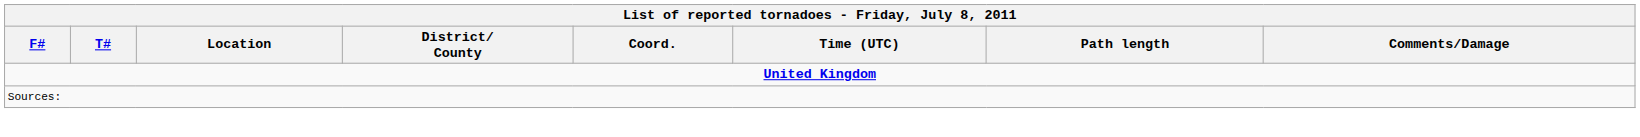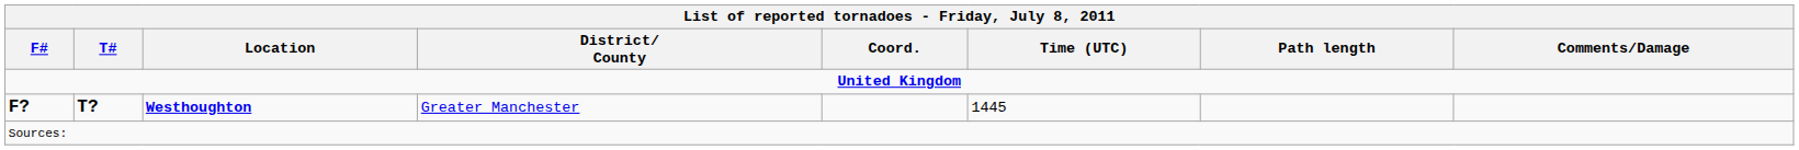 <table class="wikitable collapsible" width="100%">
 <tr>
 <th colspan="8">List of reported tornadoes - Friday, July 8, 2011</th>
 </tr>
 <tr>
 <th><a href='#'>F#</a></th>
 <th><a href='#'>T#</a></th>
 <th>Location</th>
 <th>District/<br>County</th>
 <th>Coord.</th>
 <th>Time (UTC)</th>
 <th>Path length</th>
 <th>Comments/Damage</th>
 </tr>
 <tr>
 <td colspan="8" align=center><strong><a href='#'>United Kingdom</a></strong></td>
 </tr>
 <tr>
+<td><big><strong>F?</strong></big></td>
+<td><big><strong>T?</strong></big></td>
+<td><strong><a href='#'>Westhoughton</a></strong></td>
+<td><a href='#'>Greater Manchester</a></td>
+<td></td>
+<td>1445</td>
+<td></td>
+<td></td>
+</tr>
+<tr>
 <td colspan="8"><small>Sources:  </small></td>
 </tr>
 </table>
